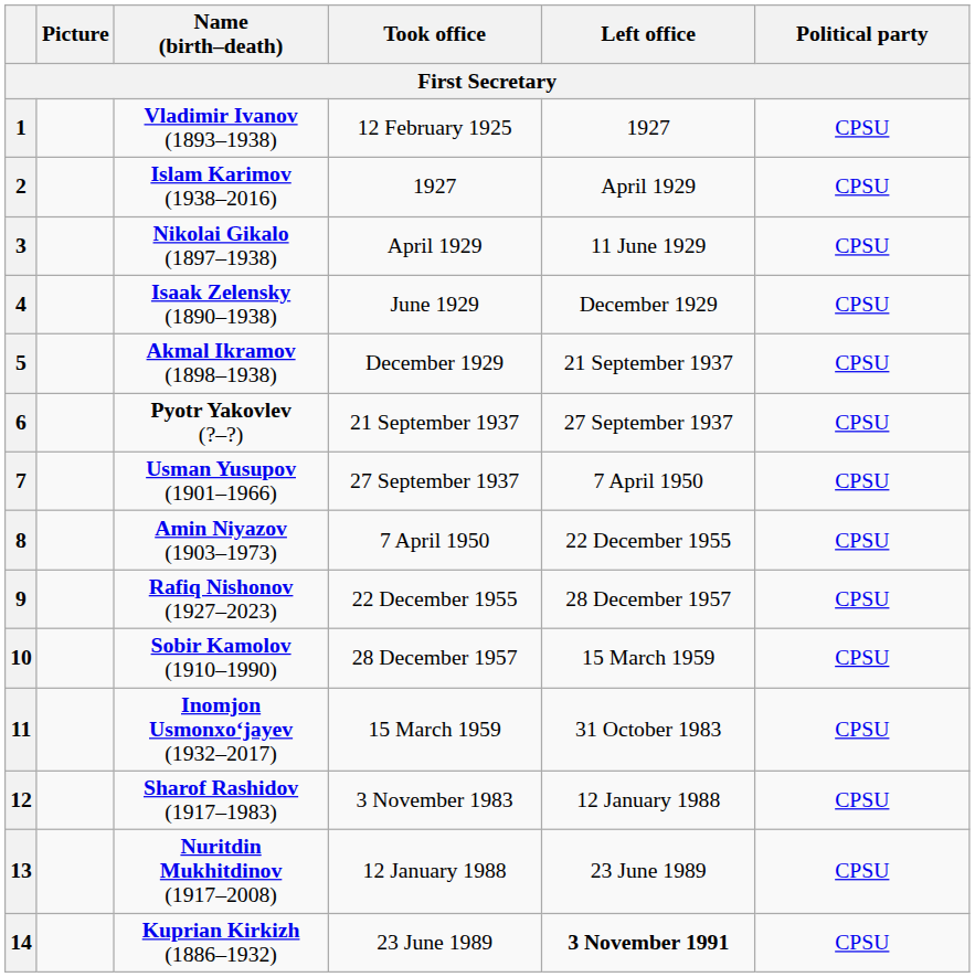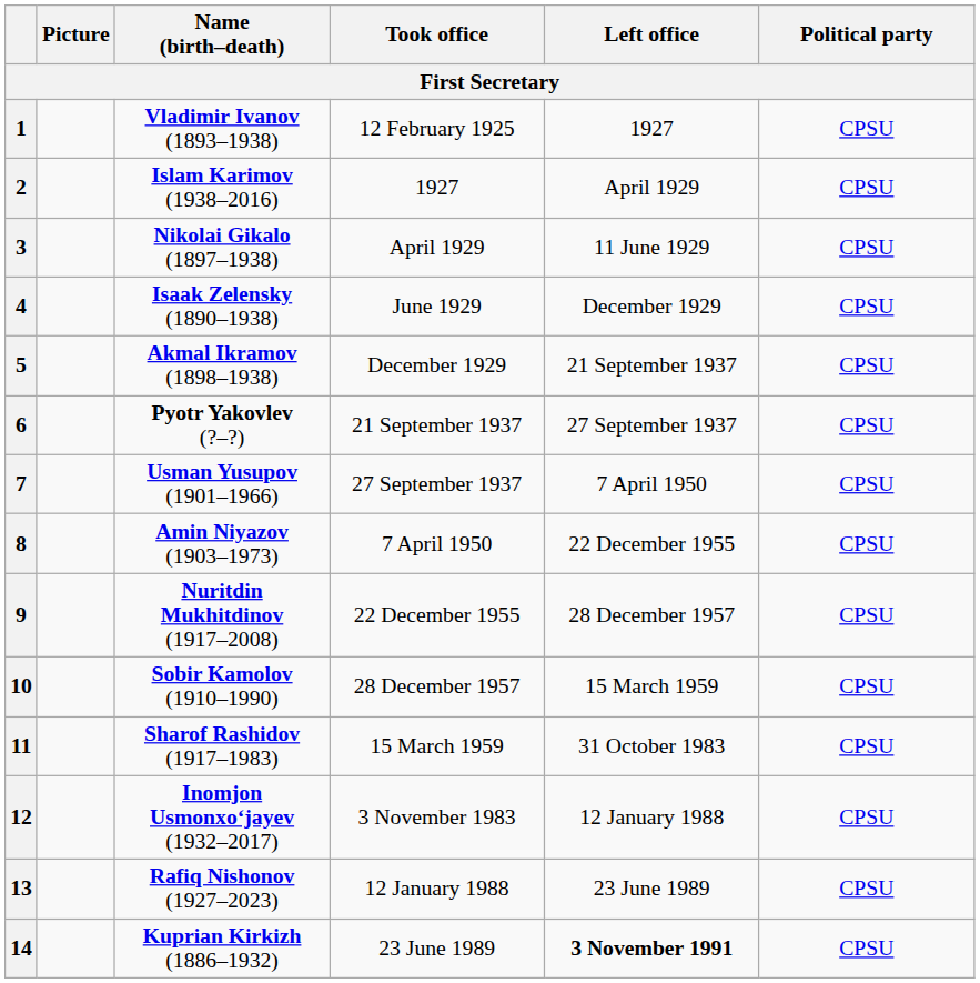 <table class="wikitable" style="text-align:center">
 <tr>
 <th></th>
 <th>Picture</th>
 <th width="150">Name<br>(birth–death)</th>
 <th width="150">Took office</th>
 <th width="150">Left office</th>
 <th width="150">Political party</th>
 </tr>
 <tr>
 <th colspan="6" align="center">First Secretary</th>
 </tr>
 <tr>
 <th style="background:">1</th>
 <td></td>
 <td><strong><a href='#'>Vladimir Ivanov</a></strong><br>(1893–1938)</td>
 <td>12 February 1925</td>
 <td>1927</td>
 <td><a href='#'>CPSU</a></td>
 </tr>
 <tr>
 <th style="background:">2</th>
 <td></td>
 <td><strong><a href='#'>Islam Karimov</a></strong><br>(1938–2016)</td>
 <td>1927</td>
 <td>April 1929</td>
 <td><a href='#'>CPSU</a></td>
 </tr>
 <tr>
 <th style="background:">3</th>
 <td></td>
 <td><strong><a href='#'>Nikolai Gikalo</a></strong><br>(1897–1938)</td>
 <td>April 1929</td>
 <td>11 June 1929</td>
 <td><a href='#'>CPSU</a></td>
 </tr>
 <tr>
 <th style="background:">4</th>
 <td></td>
 <td><strong><a href='#'>Isaak Zelensky</a></strong><br>(1890–1938)</td>
 <td>June 1929</td>
 <td>December 1929</td>
 <td><a href='#'>CPSU</a></td>
 </tr>
 <tr>
 <th style="background:">5</th>
 <td></td>
 <td><strong><a href='#'>Akmal Ikramov</a></strong><br>(1898–1938)</td>
 <td>December 1929</td>
 <td>21 September 1937</td>
 <td><a href='#'>CPSU</a></td>
 </tr>
 <tr>
 <th style="background:">6</th>
 <td></td>
 <td><strong>Pyotr Yakovlev</strong><br>(?–?)</td>
 <td>21 September 1937</td>
 <td>27 September 1937</td>
 <td><a href='#'>CPSU</a></td>
 </tr>
 <tr>
 <th style="background:">7</th>
 <td></td>
 <td><strong><a href='#'>Usman Yusupov</a></strong><br>(1901–1966)</td>
 <td>27 September 1937</td>
 <td>7 April 1950</td>
 <td><a href='#'>CPSU</a></td>
 </tr>
 <tr>
 <th style="background:">8</th>
 <td></td>
 <td><strong><a href='#'>Amin Niyazov</a></strong><br>(1903–1973)</td>
 <td>7 April 1950</td>
 <td>22 December 1955</td>
 <td><a href='#'>CPSU</a></td>
 </tr>
 <tr>
 <th style="background:">9</th>
 <td></td>
-<td><strong><a href='#'>Rafiq Nishonov</a></strong><br>(1927–2023)</td>
+<td><strong><a href='#'>Nuritdin Mukhitdinov</a></strong><br>(1917–2008)</td>
 <td>22 December 1955</td>
 <td>28 December 1957</td>
 <td><a href='#'>CPSU</a></td>
 </tr>
 <tr>
 <th style="background:">10</th>
 <td></td>
 <td><strong><a href='#'>Sobir Kamolov</a></strong><br>(1910–1990)</td>
 <td>28 December 1957</td>
 <td>15 March 1959</td>
 <td><a href='#'>CPSU</a></td>
 </tr>
 <tr>
 <th style="background:">11</th>
 <td></td>
-<td><strong><a href='#'>Inomjon Usmonxoʻjayev</a></strong><br>(1932–2017)</td>
+<td><strong><a href='#'>Sharof Rashidov</a></strong><br>(1917–1983)</td>
 <td>15 March 1959</td>
 <td>31 October 1983</td>
 <td><a href='#'>CPSU</a></td>
 </tr>
 <tr>
 <th style="background:">12</th>
 <td></td>
-<td><strong><a href='#'>Sharof Rashidov</a></strong><br>(1917–1983)</td>
+<td><strong><a href='#'>Inomjon Usmonxoʻjayev</a></strong><br>(1932–2017)</td>
 <td>3 November 1983</td>
 <td>12 January 1988</td>
 <td><a href='#'>CPSU</a></td>
 </tr>
 <tr>
 <th style="background:">13</th>
 <td></td>
-<td><strong><a href='#'>Nuritdin Mukhitdinov</a></strong><br>(1917–2008)</td>
+<td><strong><a href='#'>Rafiq Nishonov</a></strong><br>(1927–2023)</td>
 <td>12 January 1988</td>
 <td>23 June 1989</td>
 <td><a href='#'>CPSU</a></td>
 </tr>
 <tr>
 <th style="background:">14</th>
 <td></td>
 <td><strong><a href='#'>Kuprian Kirkizh</a></strong><br>(1886–1932)</td>
 <td>23 June 1989</td>
 <td><strong>3 November 1991</strong></td>
 <td><a href='#'>CPSU</a></td>
 </tr>
 </table>
